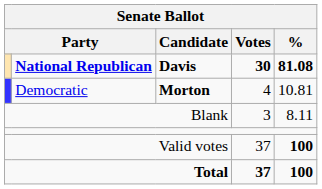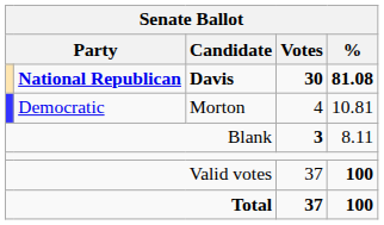 <table class=wikitable style=text-align:right>
 <tr>
 <th colspan="5">Senate Ballot</th>
 </tr>
 <tr>
 <th colspan=2>Party</th>
 <th>Candidate</th>
 <th>Votes</th>
 <th>%</th>
 </tr>
 <tr>
 <td bgcolor=#FFE6B></td>
 <td align=left><strong><a href='#'>National Republican</a></strong></td>
 <td align=left><strong>Davis</strong></td>
 <td><strong>30</strong></td>
 <td><strong>81.08</strong></td>
 </tr>
 <tr>
 <td bgcolor=#3333FF></td>
 <td align=left><a href='#'>Democratic</a></td>
-<td align=left><strong>Morton</strong></td>
+<td align=left>Morton</td>
 <td>4</td>
 <td>10.81</td>
 </tr>
 <tr>
 <td colspan=3>Blank</td>
-<td>3</td>
+<td><strong>3</strong></td>
 <td>8.11</td>
 </tr>
 <tr>
 <td colspan=12></td>
 </tr>
 <tr>
 <td colspan=3>Valid votes</td>
 <td>37</td>
 <td><strong>100</strong></td>
 </tr>
 <tr>
 <td colspan=3><strong>Total</strong></td>
 <td><strong>37</strong></td>
 <td><strong>100</strong></td>
 </tr>
 </table>
